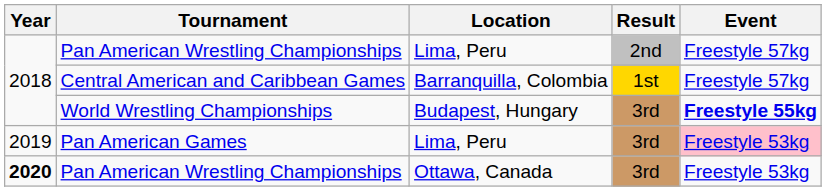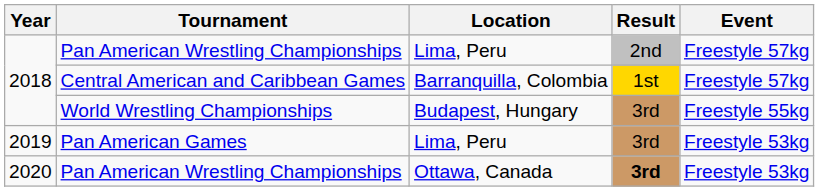 <table class="wikitable" style="font-size:95%;">
 <tr>
 <th>Year</th>
 <th>Tournament</th>
 <th>Location</th>
 <th>Result</th>
 <th>Event</th>
 </tr>
 <tr>
 <td rowspan=3>2018</td>
 <td><a href='#'>Pan American Wrestling Championships</a></td>
 <td><a href='#'>Lima</a>, Peru</td>
 <td align="center" bgcolor="silver">2nd</td>
 <td><a href='#'>Freestyle 57kg</a></td>
 </tr>
 <tr>
 <td><a href='#'>Central American and Caribbean Games</a></td>
 <td><a href='#'>Barranquilla</a>, Colombia</td>
 <td align="center" bgcolor="gold">1st</td>
 <td><a href='#'>Freestyle 57kg</a></td>
 </tr>
 <tr>
 <td><a href='#'>World Wrestling Championships</a></td>
 <td><a href='#'>Budapest</a>, Hungary</td>
 <td align="center" bgcolor="cc9966">3rd</td>
-<td><strong><a href='#'>Freestyle 55kg</a></strong></td>
+<td><a href='#'>Freestyle 55kg</a></td>
 </tr>
 <tr>
 <td>2019</td>
 <td><a href='#'>Pan American Games</a></td>
 <td><a href='#'>Lima</a>, Peru</td>
 <td align="center" bgcolor="cc9966">3rd</td>
-<td style="background: pink;"><a href='#'>Freestyle 53kg</a></td>
+<td><a href='#'>Freestyle 53kg</a></td>
 </tr>
 <tr>
-<td><strong>2020</strong></td>
+<td>2020</td>
 <td><a href='#'>Pan American Wrestling Championships</a></td>
 <td><a href='#'>Ottawa</a>, Canada</td>
-<td align="center" bgcolor="cc9966">3rd</td>
+<td align="center" bgcolor="cc9966"><strong>3rd</strong></td>
 <td><a href='#'>Freestyle 53kg</a></td>
 </tr>
 </table>
